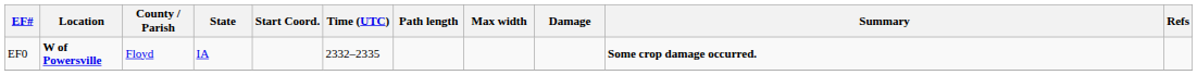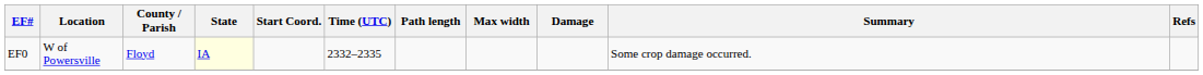 <table class="wikitable sortable" style="width:100%;">
 <tr>
 <th scope="col"  style="width:3%; text-align:center;"><a href='#'>EF#</a></th>
 <th scope="col"  style="width:7%; text-align:center;" class="unsortable">Location</th>
 <th scope="col"  style="width:6%; text-align:center;" class="unsortable">County / Parish</th>
 <th scope="col"  style="width:5%; text-align:center;">State</th>
 <th scope="col"  style="width:6%; text-align:center;">Start Coord.</th>
 <th scope="col"  style="width:6%; text-align:center;">Time (<a href='#'>UTC</a>)</th>
 <th scope="col"  style="width:6%; text-align:center;">Path length</th>
 <th scope="col"  style="width:6%; text-align:center;">Max width</th>
 <th scope="col"  style="width:6%; text-align:center;">Damage</th>
 <th scope="col" class="unsortable" style="width:48%; text-align:center;">Summary</th>
 <th scope="col" class="unsortable" style="width:48%; text-align:center;">Refs</th>
 </tr>
 <tr>
 <td>EF0</td>
-<td><strong>W of <a href='#'>Powersville</a></strong></td>
+<td>W of <a href='#'>Powersville</a></td>
 <td><a href='#'>Floyd</a></td>
-<td><a href='#'>IA</a></td>
+<td style="background: lightyellow;"><a href='#'>IA</a></td>
 <td></td>
 <td>2332–2335</td>
 <td></td>
 <td></td>
 <td></td>
-<td><strong>Some crop damage occurred.</strong></td>
+<td>Some crop damage occurred.</td>
 <td></td>
 </tr>
 <tr>
 </tr>
 </table>
